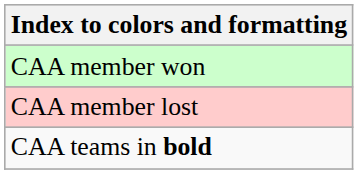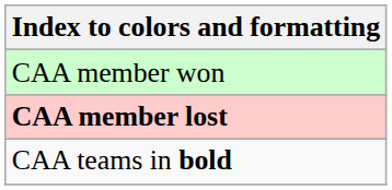 <table class="wikitable">
 <tr>
 <th>Index to colors and formatting</th>
 </tr>
 <tr bgcolor=#ccffcc>
 <td>CAA member won</td>
 </tr>
 <tr bgcolor=#ffcccc>
-<td>CAA member lost</td>
+<td><strong>CAA member lost</strong></td>
 </tr>
 <tr>
 <td>CAA teams in <strong>bold</strong></td>
 </tr>
 </table>
